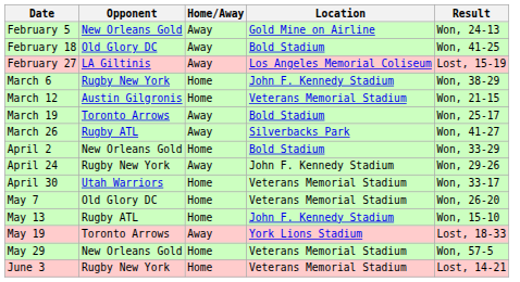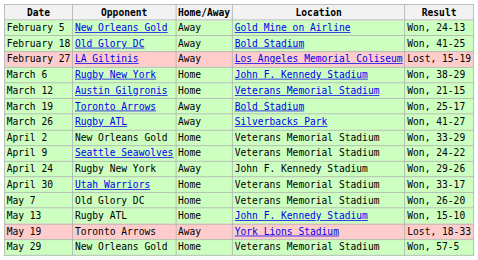 <table class="wikitable">
 <tr>
 <th>Date</th>
 <th>Opponent</th>
 <th>Home/Away</th>
 <th>Location</th>
 <th>Result</th>
 </tr>
 <tr bgcolor="CCFFC">
 <td>February 5</td>
 <td><a href='#'>New Orleans Gold</a></td>
 <td>Away</td>
 <td><a href='#'>Gold Mine on Airline</a></td>
 <td>Won, 24-13</td>
 </tr>
 <tr bgcolor="CCFFC">
 <td>February 18</td>
 <td><a href='#'>Old Glory DC</a></td>
 <td>Away</td>
 <td><a href='#'>Bold Stadium</a></td>
 <td>Won, 41-25</td>
 </tr>
 <tr bgcolor="#FFCCCC">
 <td>February 27</td>
 <td><a href='#'>LA Giltinis</a></td>
 <td>Away</td>
 <td><a href='#'>Los Angeles Memorial Coliseum</a></td>
 <td>Lost, 15-19</td>
 </tr>
 <tr bgcolor="CCFFC">
 <td>March 6</td>
 <td><a href='#'>Rugby New York</a></td>
 <td>Home</td>
 <td><a href='#'>John F. Kennedy Stadium</a></td>
 <td>Won, 38-29</td>
 </tr>
 <tr bgcolor="#CCFFC">
 <td>March 12</td>
 <td><a href='#'>Austin Gilgronis</a></td>
 <td>Home</td>
 <td><a href='#'>Veterans Memorial Stadium</a></td>
 <td>Won, 21-15</td>
 </tr>
 <tr bgcolor="CCFFC">
 <td>March 19</td>
 <td><a href='#'>Toronto Arrows</a></td>
 <td>Away</td>
 <td><a href='#'>Bold Stadium</a></td>
 <td>Won, 25-17</td>
 </tr>
 <tr bgcolor="CCFFC">
 <td>March 26</td>
 <td><a href='#'>Rugby ATL</a></td>
 <td>Away</td>
 <td><a href='#'>Silverbacks Park</a></td>
 <td>Won, 41-27</td>
 </tr>
 <tr bgcolor="CCFFC">
 <td>April 2</td>
 <td>New Orleans Gold</td>
 <td>Home</td>
-<td><a href='#'>Bold Stadium</a></td>
+<td>Veterans Memorial Stadium</td>
 <td>Won, 33-29</td>
+</tr>
+<tr bgcolor="CCFFC">
+<td>April 9</td>
+<td><a href='#'>Seattle Seawolves</a></td>
+<td>Home</td>
+<td>Veterans Memorial Stadium</td>
+<td>Won, 24-22</td>
 </tr>
 <tr bgcolor="CCFFC">
 <td>April 24</td>
 <td>Rugby New York</td>
 <td>Away</td>
 <td>John F. Kennedy Stadium</td>
 <td>Won, 29-26</td>
 </tr>
 <tr bgcolor="CCFFC">
 <td>April 30</td>
 <td><a href='#'>Utah Warriors</a></td>
 <td>Home</td>
 <td>Veterans Memorial Stadium</td>
 <td>Won, 33-17</td>
 </tr>
 <tr bgcolor="CCFFC">
 <td>May 7</td>
 <td>Old Glory DC</td>
 <td>Home</td>
 <td>Veterans Memorial Stadium</td>
 <td>Won, 26-20</td>
 </tr>
 <tr bgcolor="CCFFC">
 <td>May 13</td>
 <td>Rugby ATL</td>
 <td>Home</td>
 <td><a href='#'>John F. Kennedy Stadium</a></td>
 <td>Won, 15-10</td>
 </tr>
 <tr bgcolor="FFCCCC">
 <td>May 19</td>
 <td>Toronto Arrows</td>
 <td>Away</td>
 <td><a href='#'>York Lions Stadium</a></td>
 <td>Lost, 18-33</td>
 </tr>
 <tr bgcolor="CCFFC">
 <td>May 29</td>
 <td>New Orleans Gold</td>
 <td>Home</td>
 <td>Veterans Memorial Stadium</td>
 <td>Won, 57-5</td>
 </tr>
-<tr bgcolor="FFCCCC">
-<td>June 3</td>
-<td>Rugby New York</td>
-<td>Home</td>
-<td>Veterans Memorial Stadium</td>
-<td>Lost, 14-21</td>
-</tr>
 </table>
